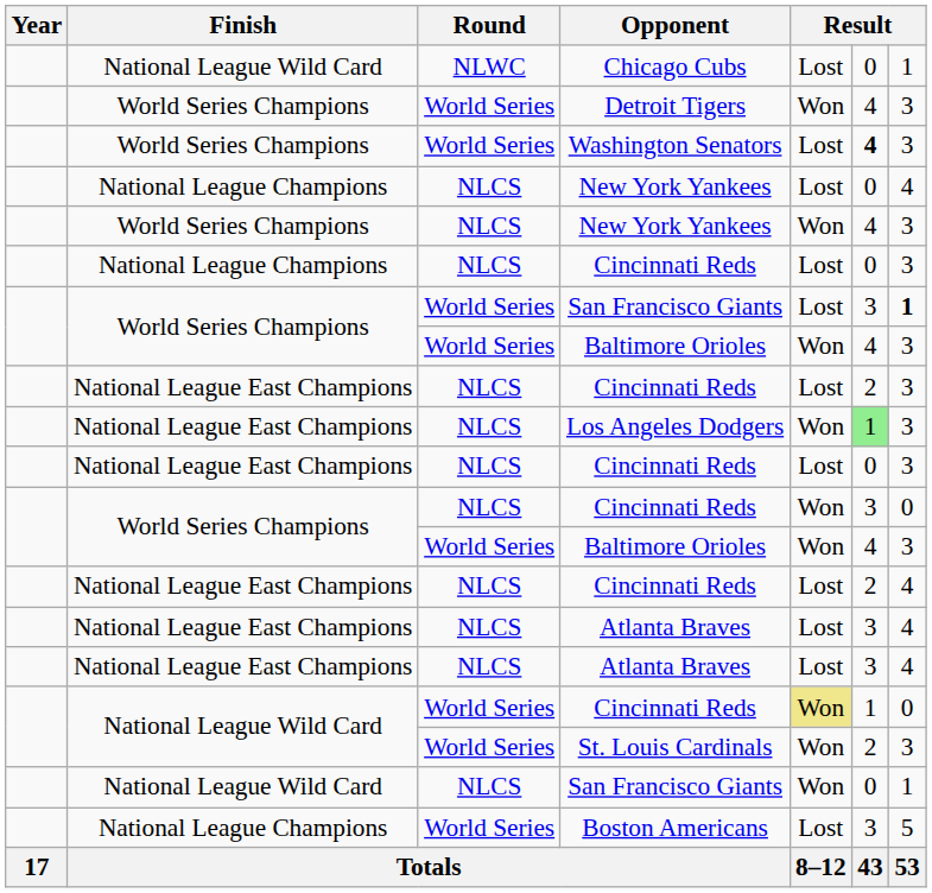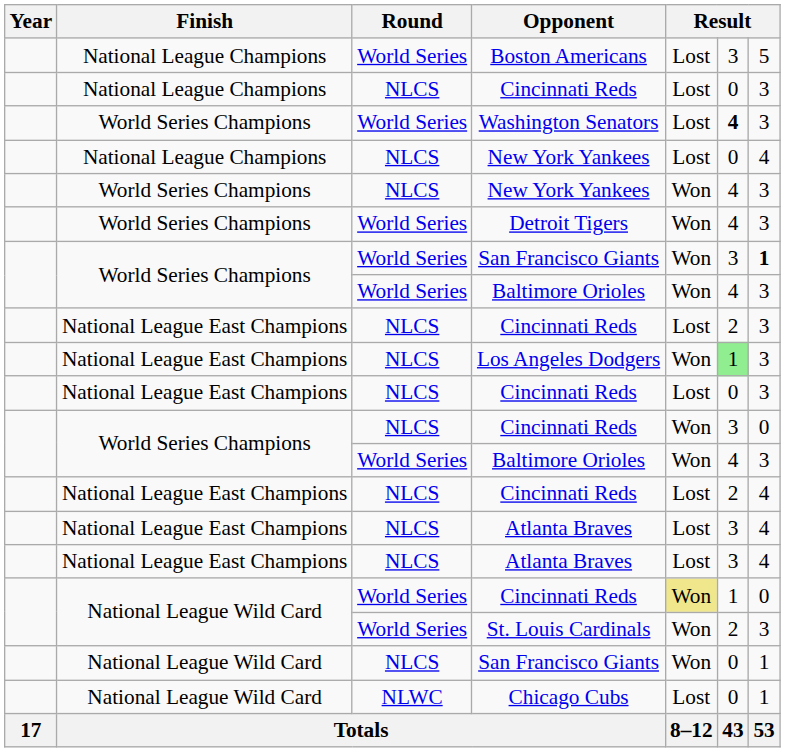 <table class="wikitable">
 <tr>
 <th colspan=1>Year</th>
 <th colspan=1>Finish</th>
 <th colspan=1>Round</th>
 <th colspan=1>Opponent</th>
 <th colspan=3>Result</th>
 </tr>
 <tr>
 <td align="center"></td>
-<td align="center">National League Wild Card</td>
-<td align="center"><a href='#'>NLWC</a></td>
-<td align="center"><a href='#'>Chicago Cubs</a></td>
+<td align="center">National League Champions</td>
+<td align="center"><a href='#'>World Series</a></td>
+<td align="center"><a href='#'>Boston Americans</a></td>
 <td align="center">Lost</td>
-<td align="center">0</td>
-<td align="center">1</td>
+<td align="center">3</td>
+<td align="center">5</td>
 </tr>
 <tr>
 <td align="center"></td>
-<td align="center">World Series Champions</td>
-<td align="center"><a href='#'>World Series</a></td>
-<td align="center"><a href='#'>Detroit Tigers</a></td>
-<td align="center">Won</td>
-<td align="center">4</td>
+<td align="center">National League Champions</td>
+<td align="center"><a href='#'>NLCS</a></td>
+<td align="center"><a href='#'>Cincinnati Reds</a></td>
+<td align="center">Lost</td>
+<td align="center">0</td>
 <td align="center">3</td>
 </tr>
 <tr>
 <td align="center"></td>
 <td align="center">World Series Champions</td>
 <td align="center"><a href='#'>World Series</a></td>
 <td align="center"><a href='#'>Washington Senators</a></td>
 <td align="center">Lost</td>
 <td align="center"><strong>4</strong></td>
 <td align="center">3</td>
 </tr>
 <tr>
 <td align="center"></td>
 <td align="center">National League Champions</td>
 <td align="center"><a href='#'>NLCS</a></td>
 <td align="center"><a href='#'>New York Yankees</a></td>
 <td align="center">Lost</td>
 <td align="center">0</td>
 <td align="center">4</td>
 </tr>
 <tr>
 <td align="center"></td>
 <td align="center">World Series Champions</td>
 <td align="center"><a href='#'>NLCS</a></td>
 <td align="center"><a href='#'>New York Yankees</a></td>
 <td align="center">Won</td>
 <td align="center">4</td>
 <td align="center">3</td>
 </tr>
 <tr>
 <td align="center"></td>
-<td align="center">National League Champions</td>
-<td align="center"><a href='#'>NLCS</a></td>
-<td align="center"><a href='#'>Cincinnati Reds</a></td>
-<td align="center">Lost</td>
-<td align="center">0</td>
+<td align="center">World Series Champions</td>
+<td align="center"><a href='#'>World Series</a></td>
+<td align="center"><a href='#'>Detroit Tigers</a></td>
+<td align="center">Won</td>
+<td align="center">4</td>
 <td align="center">3</td>
 </tr>
 <tr>
 <td align="center" rowspan="2"></td>
 <td align="center" rowspan="2">World Series Champions</td>
 <td align="center"><a href='#'>World Series</a></td>
 <td align="center"><a href='#'>San Francisco Giants</a></td>
-<td align="center">Lost</td>
+<td align="center">Won</td>
 <td align="center">3</td>
 <td align="center"><strong>1</strong></td>
 </tr>
 <tr>
 <td align="center"><a href='#'>World Series</a></td>
 <td align="center"><a href='#'>Baltimore Orioles</a></td>
 <td align="center">Won</td>
 <td align="center">4</td>
 <td align="center">3</td>
 </tr>
 <tr>
 <td align="center"></td>
 <td align="center">National League East Champions</td>
 <td align="center"><a href='#'>NLCS</a></td>
 <td align="center"><a href='#'>Cincinnati Reds</a></td>
 <td align="center">Lost</td>
 <td align="center">2</td>
 <td align="center">3</td>
 </tr>
 <tr>
 <td align="center"></td>
 <td align="center">National League East Champions</td>
 <td align="center"><a href='#'>NLCS</a></td>
 <td align="center"><a href='#'>Los Angeles Dodgers</a></td>
 <td align="center">Won</td>
 <td align="center" style="background: lightgreen;">1</td>
 <td align="center">3</td>
 </tr>
 <tr>
 <td align="center"></td>
 <td align="center">National League East Champions</td>
 <td align="center"><a href='#'>NLCS</a></td>
 <td align="center"><a href='#'>Cincinnati Reds</a></td>
 <td align="center">Lost</td>
 <td align="center">0</td>
 <td align="center">3</td>
 </tr>
 <tr>
 <td align="center" rowspan="2"></td>
 <td align="center" rowspan="2">World Series Champions</td>
 <td align="center"><a href='#'>NLCS</a></td>
 <td align="center"><a href='#'>Cincinnati Reds</a></td>
 <td align="center">Won</td>
 <td align="center">3</td>
 <td align="center">0</td>
 </tr>
 <tr>
 <td align="center"><a href='#'>World Series</a></td>
 <td align="center"><a href='#'>Baltimore Orioles</a></td>
 <td align="center">Won</td>
 <td align="center">4</td>
 <td align="center">3</td>
 </tr>
 <tr>
 <td align="center"></td>
 <td align="center">National League East Champions</td>
 <td align="center"><a href='#'>NLCS</a></td>
 <td align="center"><a href='#'>Cincinnati Reds</a></td>
 <td align="center">Lost</td>
 <td align="center">2</td>
 <td align="center">4</td>
 </tr>
 <tr>
 <td align="center"></td>
 <td align="center">National League East Champions</td>
 <td align="center"><a href='#'>NLCS</a></td>
 <td align="center"><a href='#'>Atlanta Braves</a></td>
 <td align="center">Lost</td>
 <td align="center">3</td>
 <td align="center">4</td>
 </tr>
 <tr>
 <td align="center"></td>
 <td align="center">National League East Champions</td>
 <td align="center"><a href='#'>NLCS</a></td>
 <td align="center"><a href='#'>Atlanta Braves</a></td>
 <td align="center">Lost</td>
 <td align="center">3</td>
 <td align="center">4</td>
 </tr>
 <tr>
 <td align="center" rowspan="2"></td>
 <td align="center" rowspan="2">National League Wild Card</td>
 <td align="center"><a href='#'>World Series</a></td>
 <td align="center"><a href='#'>Cincinnati Reds</a></td>
 <td align="center" style="background: khaki;">Won</td>
 <td align="center">1</td>
 <td align="center">0</td>
 </tr>
 <tr>
 <td align="center"><a href='#'>World Series</a></td>
 <td align="center"><a href='#'>St. Louis Cardinals</a></td>
 <td align="center">Won</td>
 <td align="center">2</td>
 <td align="center">3</td>
 </tr>
 <tr>
 <td align="center"></td>
 <td align="center">National League Wild Card</td>
 <td align="center"><a href='#'>NLCS</a></td>
 <td align="center"><a href='#'>San Francisco Giants</a></td>
 <td align="center">Won</td>
 <td align="center">0</td>
 <td align="center">1</td>
 </tr>
 <tr>
 <td align="center"></td>
-<td align="center">National League Champions</td>
-<td align="center"><a href='#'>World Series</a></td>
-<td align="center"><a href='#'>Boston Americans</a></td>
+<td align="center">National League Wild Card</td>
+<td align="center"><a href='#'>NLWC</a></td>
+<td align="center"><a href='#'>Chicago Cubs</a></td>
 <td align="center">Lost</td>
-<td align="center">3</td>
-<td align="center">5</td>
+<td align="center">0</td>
+<td align="center">1</td>
 </tr>
 <tr>
 <th align="center">17</th>
 <th colspan="3">Totals</th>
 <th>8–12</th>
 <th>43</th>
 <th>53</th>
 </tr>
 </table>
